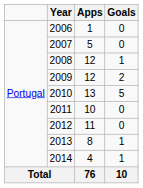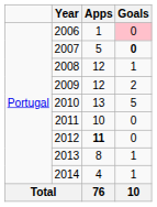 <table class="wikitable" style="text-align:center">
 <tr>
 <td></td>
 <th>Year</th>
 <th>Apps</th>
 <th>Goals</th>
 </tr>
 <tr>
 <td rowspan="9"><a href='#'>Portugal</a></td>
 <td>2006</td>
 <td>1</td>
-<td>0</td>
+<td style="background: pink;">0</td>
 </tr>
 <tr>
 <td>2007</td>
 <td>5</td>
-<td>0</td>
+<td><strong>0</strong></td>
 </tr>
 <tr>
 <td>2008</td>
 <td>12</td>
 <td>1</td>
 </tr>
 <tr>
 <td>2009</td>
 <td>12</td>
 <td>2</td>
 </tr>
 <tr>
 <td>2010</td>
 <td>13</td>
 <td>5</td>
 </tr>
 <tr>
 <td>2011</td>
 <td>10</td>
 <td>0</td>
 </tr>
 <tr>
 <td>2012</td>
-<td>11</td>
+<td><strong>11</strong></td>
 <td>0</td>
 </tr>
 <tr>
 <td>2013</td>
 <td>8</td>
 <td>1</td>
 </tr>
 <tr>
 <td>2014</td>
 <td>4</td>
 <td>1</td>
 </tr>
 <tr>
 <th colspan="2">Total</th>
 <th>76</th>
 <th>10</th>
 </tr>
 </table>
